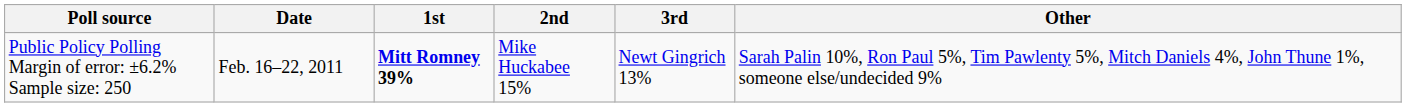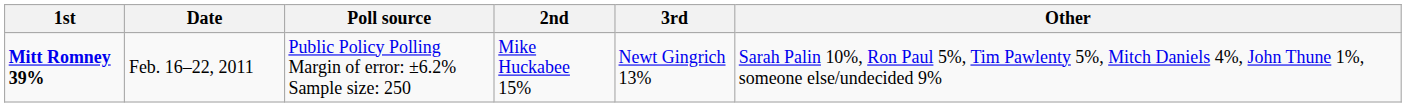 <table class="wikitable">
 <tr>
+<th style="width:100px;">1st</th>
+<th style="width:135px;">Date</th>
 <th style="width:180px;">Poll source</th>
-<th style="width:135px;">Date</th>
-<th style="width:100px;">1st</th>
 <th style="width:100px;">2nd</th>
 <th style="width:100px;">3rd</th>
 <th>Other</th>
 </tr>
 <tr>
+<td><strong><a href='#'>Mitt Romney</a><br> 39%</strong></td>
+<td>Feb. 16–22, 2011</td>
 <td><a href='#'>Public Policy Polling</a><br>Margin of error: ±6.2% <br>Sample size: 250</td>
-<td>Feb. 16–22, 2011</td>
-<td><strong><a href='#'>Mitt Romney</a><br> 39%</strong></td>
 <td><a href='#'>Mike Huckabee</a><br> 15%</td>
 <td><a href='#'>Newt Gingrich</a><br> 13%</td>
 <td><a href='#'>Sarah Palin</a> 10%, <a href='#'>Ron Paul</a> 5%, <a href='#'>Tim Pawlenty</a> 5%, <a href='#'>Mitch Daniels</a> 4%, <a href='#'>John Thune</a> 1%, someone else/undecided 9%</td>
 </tr>
 </table>
